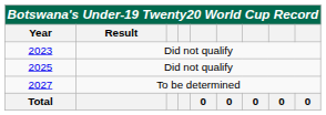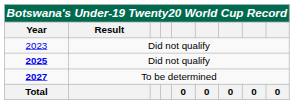 <table class="wikitable" style="text-align:center">
 <tr>
 <th style="color:white; background:#006A4E;" colspan=9><strong><big><em>Botswana's Under-19 Twenty20 World Cup Record</em></big></strong></th>
 </tr>
 <tr>
 <th>Year</th>
 <th>Result</th>
 <th></th>
 <th></th>
 <th></th>
 <th></th>
 <th></th>
 <th></th>
 <th></th>
 </tr>
 <tr>
 <td> <a href='#'>2023</a></td>
 <td colspan=8>Did not qualify</td>
 </tr>
 <tr>
-<td> <a href='#'>2025</a></td>
+<td><strong> <a href='#'>2025</a></strong></td>
 <td colspan=8>Did not qualify</td>
 </tr>
 <tr>
-<td> <a href='#'>2027</a></td>
+<td><strong> <a href='#'>2027</a></strong></td>
 <td colspan="8">To be determined</td>
 </tr>
 <tr>
 <th>Total</th>
 <th></th>
 <th></th>
 <th></th>
 <th>0</th>
 <th>0</th>
 <th>0</th>
 <th>0</th>
 <th>0</th>
 </tr>
 </table>
